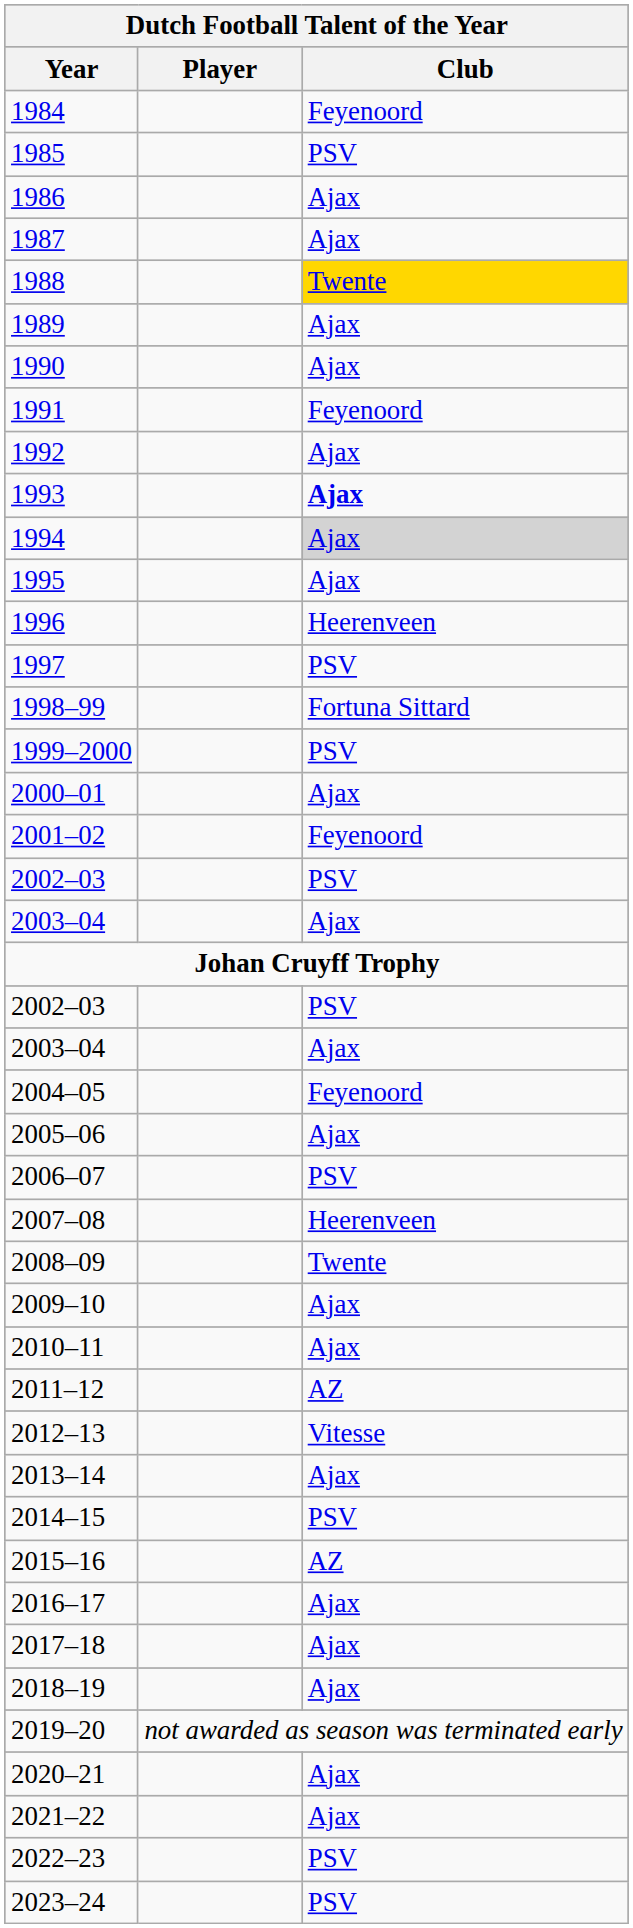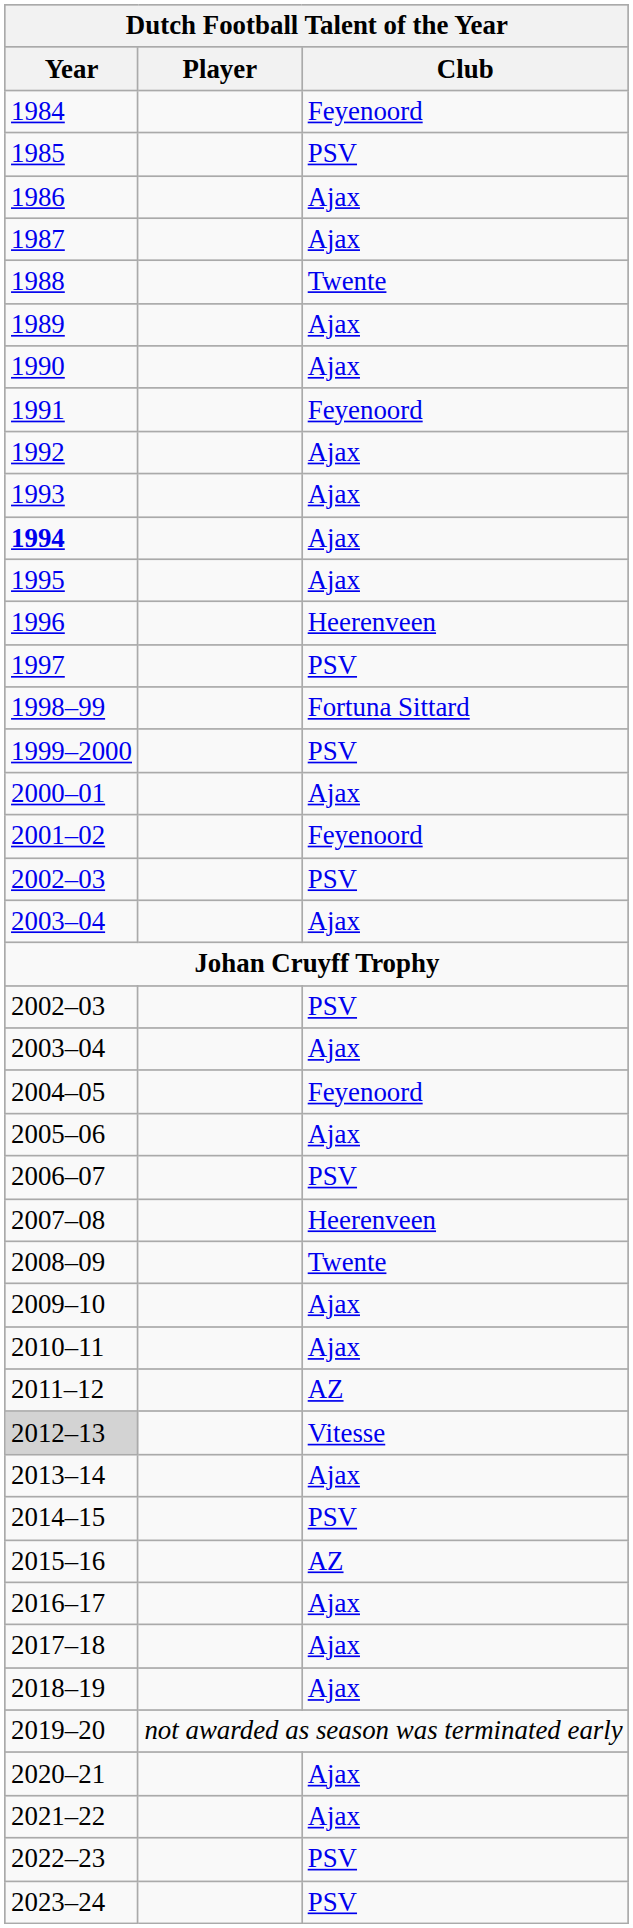 <table class="wikitable">
 <tr>
 <th colspan="3">Dutch Football Talent of the Year</th>
 </tr>
 <tr>
 <th>Year</th>
 <th>Player</th>
 <th>Club</th>
 </tr>
 <tr>
 <td><a href='#'>1984</a></td>
 <td></td>
 <td><a href='#'>Feyenoord</a></td>
 </tr>
 <tr>
 <td><a href='#'>1985</a></td>
 <td></td>
 <td><a href='#'>PSV</a></td>
 </tr>
 <tr>
 <td><a href='#'>1986</a></td>
 <td></td>
 <td><a href='#'>Ajax</a></td>
 </tr>
 <tr>
 <td><a href='#'>1987</a></td>
 <td></td>
 <td><a href='#'>Ajax</a></td>
 </tr>
 <tr>
 <td><a href='#'>1988</a></td>
 <td></td>
-<td style="background: gold;"><a href='#'>Twente</a></td>
+<td><a href='#'>Twente</a></td>
 </tr>
 <tr>
 <td><a href='#'>1989</a></td>
 <td></td>
 <td><a href='#'>Ajax</a></td>
 </tr>
 <tr>
 <td><a href='#'>1990</a></td>
 <td></td>
 <td><a href='#'>Ajax</a></td>
 </tr>
 <tr>
 <td><a href='#'>1991</a></td>
 <td></td>
 <td><a href='#'>Feyenoord</a></td>
 </tr>
 <tr>
 <td><a href='#'>1992</a></td>
 <td></td>
 <td><a href='#'>Ajax</a></td>
 </tr>
 <tr>
 <td><a href='#'>1993</a></td>
 <td></td>
-<td><strong><a href='#'>Ajax</a></strong></td>
+<td><a href='#'>Ajax</a></td>
 </tr>
 <tr>
-<td><a href='#'>1994</a></td>
+<td><strong><a href='#'>1994</a></strong></td>
 <td></td>
-<td style="background: lightgrey;"><a href='#'>Ajax</a></td>
+<td><a href='#'>Ajax</a></td>
 </tr>
 <tr>
 <td><a href='#'>1995</a></td>
 <td></td>
 <td><a href='#'>Ajax</a></td>
 </tr>
 <tr>
 <td><a href='#'>1996</a></td>
 <td></td>
 <td><a href='#'>Heerenveen</a></td>
 </tr>
 <tr>
 <td><a href='#'>1997</a></td>
 <td></td>
 <td><a href='#'>PSV</a></td>
 </tr>
 <tr>
 <td><a href='#'>1998–99</a></td>
 <td></td>
 <td><a href='#'>Fortuna Sittard</a></td>
 </tr>
 <tr>
 <td><a href='#'>1999–2000</a></td>
 <td></td>
 <td><a href='#'>PSV</a></td>
 </tr>
 <tr>
 <td><a href='#'>2000–01</a></td>
 <td></td>
 <td><a href='#'>Ajax</a></td>
 </tr>
 <tr>
 <td><a href='#'>2001–02</a></td>
 <td></td>
 <td><a href='#'>Feyenoord</a></td>
 </tr>
 <tr>
 <td><a href='#'>2002–03</a></td>
 <td></td>
 <td><a href='#'>PSV</a></td>
 </tr>
 <tr>
 <td><a href='#'>2003–04</a></td>
 <td></td>
 <td><a href='#'>Ajax</a></td>
 </tr>
 <tr align="center">
 <td colspan="8"><strong>Johan Cruyff Trophy</strong></td>
 </tr>
 <tr>
 <td>2002–03</td>
 <td></td>
 <td><a href='#'>PSV</a></td>
 </tr>
 <tr>
 <td>2003–04</td>
 <td></td>
 <td><a href='#'>Ajax</a></td>
 </tr>
 <tr>
 <td>2004–05</td>
 <td></td>
 <td><a href='#'>Feyenoord</a></td>
 </tr>
 <tr>
 <td>2005–06</td>
 <td></td>
 <td><a href='#'>Ajax</a></td>
 </tr>
 <tr>
 <td>2006–07</td>
 <td></td>
 <td><a href='#'>PSV</a></td>
 </tr>
 <tr>
 <td>2007–08</td>
 <td></td>
 <td><a href='#'>Heerenveen</a></td>
 </tr>
 <tr>
 <td>2008–09</td>
 <td></td>
 <td><a href='#'>Twente</a></td>
 </tr>
 <tr>
 <td>2009–10</td>
 <td></td>
 <td><a href='#'>Ajax</a></td>
 </tr>
 <tr>
 <td>2010–11</td>
 <td></td>
 <td><a href='#'>Ajax</a></td>
 </tr>
 <tr>
 <td>2011–12</td>
 <td></td>
 <td><a href='#'>AZ</a></td>
 </tr>
 <tr>
-<td>2012–13</td>
+<td style="background: lightgrey;">2012–13</td>
 <td></td>
 <td><a href='#'>Vitesse</a></td>
 </tr>
 <tr>
 <td>2013–14</td>
 <td></td>
 <td><a href='#'>Ajax</a></td>
 </tr>
 <tr>
 <td>2014–15</td>
 <td></td>
 <td><a href='#'>PSV</a></td>
 </tr>
 <tr>
 <td>2015–16</td>
 <td></td>
 <td><a href='#'>AZ</a></td>
 </tr>
 <tr>
 <td>2016–17</td>
 <td></td>
 <td><a href='#'>Ajax</a></td>
 </tr>
 <tr>
 <td>2017–18</td>
 <td></td>
 <td><a href='#'>Ajax</a></td>
 </tr>
 <tr>
 <td>2018–19</td>
 <td></td>
 <td><a href='#'>Ajax</a></td>
 </tr>
 <tr>
 <td>2019–20</td>
 <td colspan=2><em>not awarded as season was terminated early</em></td>
 </tr>
 <tr>
 <td>2020–21</td>
 <td></td>
 <td><a href='#'>Ajax</a></td>
 </tr>
 <tr>
 <td>2021–22</td>
 <td></td>
 <td><a href='#'>Ajax</a></td>
 </tr>
 <tr>
 <td>2022–23</td>
 <td></td>
 <td><a href='#'>PSV</a></td>
 </tr>
 <tr>
 <td>2023–24</td>
 <td></td>
 <td><a href='#'>PSV</a></td>
 </tr>
 </table>
